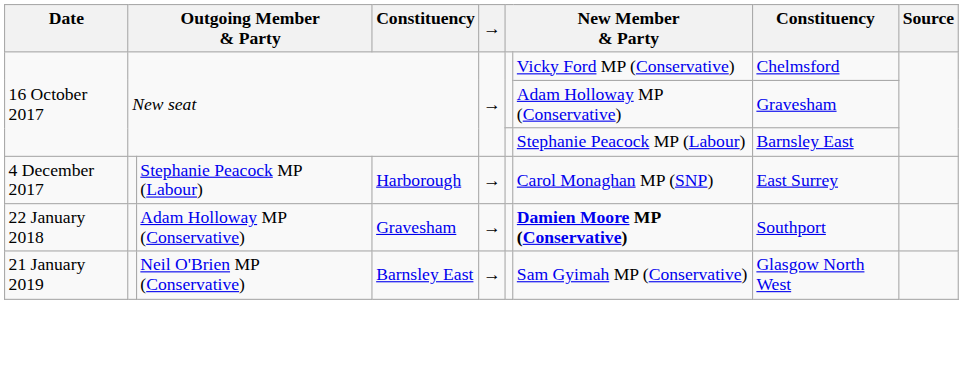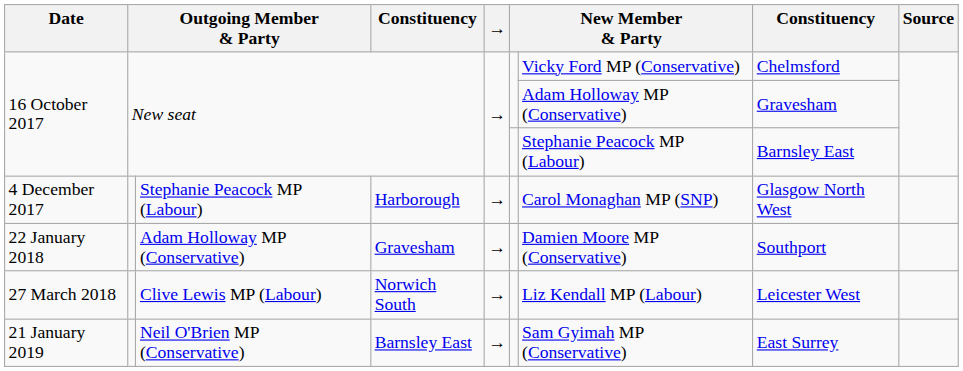 <table class="wikitable">
 <tr>
 <th valign="top">Date</th>
 <th colspan="2" valign="top">Outgoing Member<br>& Party</th>
 <th valign="top">Constituency</th>
 <th>→</th>
 <th colspan="2" valign="top">New Member<br>& Party</th>
 <th valign="top">Constituency</th>
 <th valign="top">Source</th>
 </tr>
 <tr>
 <td rowspan=3>16 October 2017</td>
 <td rowspan=3 colspan=3><em>New seat</em></td>
 <td rowspan=3>→</td>
 <td rowspan=2 style="color:inherit;background:"></td>
 <td><a href='#'>Vicky Ford</a> MP (<a href='#'>Conservative</a>)</td>
 <td><a href='#'>Chelmsford</a></td>
 <td rowspan=3></td>
 </tr>
 <tr>
 <td><a href='#'>Adam Holloway</a> MP (<a href='#'>Conservative</a>)</td>
 <td><a href='#'>Gravesham</a></td>
 </tr>
 <tr>
 <td style="color:inherit;background:"></td>
 <td><a href='#'>Stephanie Peacock</a> MP (<a href='#'>Labour</a>)</td>
 <td><a href='#'>Barnsley East</a></td>
 </tr>
 <tr>
 <td>4 December 2017</td>
 <td style="color:inherit;background:"></td>
 <td><a href='#'>Stephanie Peacock</a> MP (<a href='#'>Labour</a>)</td>
 <td><a href='#'>Harborough</a></td>
 <td>→</td>
 <td style="color:inherit;background:"></td>
 <td><a href='#'>Carol Monaghan</a> MP (<a href='#'>SNP</a>)</td>
-<td><a href='#'>East Surrey</a></td>
+<td><a href='#'>Glasgow North West</a></td>
 <td></td>
 </tr>
 <tr>
 <td>22 January 2018</td>
 <td style="color:inherit;background:"></td>
 <td><a href='#'>Adam Holloway</a> MP (<a href='#'>Conservative</a>)</td>
 <td><a href='#'>Gravesham</a></td>
 <td>→</td>
 <td style="color:inherit;background:"></td>
-<td><strong><a href='#'>Damien Moore</a> MP (<a href='#'>Conservative</a>)</strong></td>
+<td><a href='#'>Damien Moore</a> MP (<a href='#'>Conservative</a>)</td>
 <td><a href='#'>Southport</a></td>
+<td></td>
+</tr>
+<tr>
+<td>27 March 2018</td>
+<td style="color:inherit;background:"></td>
+<td><a href='#'>Clive Lewis</a> MP (<a href='#'>Labour</a>)</td>
+<td><a href='#'>Norwich South</a></td>
+<td>→</td>
+<td style="color:inherit;background:"></td>
+<td><a href='#'>Liz Kendall</a> MP (<a href='#'>Labour</a>)</td>
+<td><a href='#'>Leicester West</a></td>
 <td></td>
 </tr>
 <tr>
 <td>21 January 2019</td>
 <td style="color:inherit;background:"></td>
 <td><a href='#'>Neil O'Brien</a> MP (<a href='#'>Conservative</a>)</td>
 <td><a href='#'>Barnsley East</a></td>
 <td>→</td>
 <td style="color:inherit;background:"></td>
 <td><a href='#'>Sam Gyimah</a> MP (<a href='#'>Conservative</a>)</td>
-<td><a href='#'>Glasgow North West</a></td>
+<td><a href='#'>East Surrey</a></td>
 <td></td>
 </tr>
 </table>
